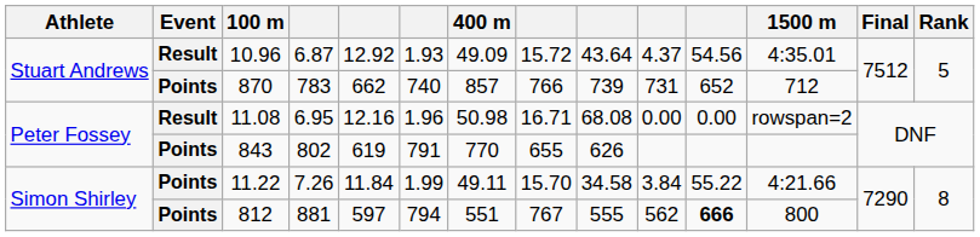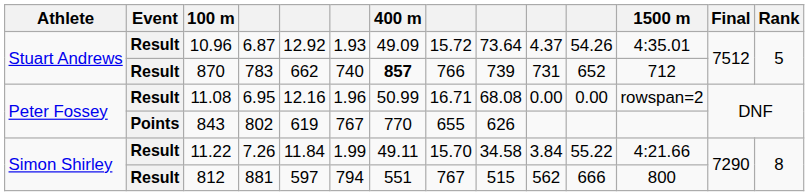 <table class=wikitable style=font-size:90%;text-align:center>
 <tr>
 <th>Athlete</th>
 <th>Event</th>
 <th>100 m</th>
 <th></th>
 <th></th>
 <th></th>
 <th>400 m</th>
 <th></th>
 <th></th>
 <th></th>
 <th></th>
 <th>1500 m</th>
 <th>Final</th>
 <th>Rank</th>
 </tr>
 <tr align=center>
 <td align=left rowspan=2><a href='#'>Stuart Andrews</a></td>
 <th style="font-size:95%">Result</th>
 <td>10.96</td>
 <td>6.87</td>
 <td>12.92</td>
 <td>1.93</td>
 <td>49.09</td>
 <td>15.72</td>
-<td>43.64</td>
+<td>73.64</td>
 <td>4.37</td>
-<td>54.56</td>
+<td>54.26</td>
 <td>4:35.01</td>
 <td rowspan=2>7512</td>
 <td rowspan=2>5</td>
 </tr>
 <tr>
-<th style=font-size:95%>Points</th>
+<th style="font-size:95%">Result</th>
 <td>870</td>
 <td>783</td>
 <td>662</td>
 <td>740</td>
-<td>857</td>
+<td><strong>857</strong></td>
 <td>766</td>
 <td>739</td>
 <td>731</td>
 <td>652</td>
 <td>712</td>
 </tr>
 <tr align=center>
 <td align=left rowspan=2><a href='#'>Peter Fossey</a></td>
 <th style="font-size:95%">Result</th>
 <td>11.08</td>
 <td>6.95</td>
 <td>12.16</td>
 <td>1.96</td>
-<td>50.98</td>
+<td>50.99</td>
 <td>16.71</td>
 <td>68.08</td>
 <td>0.00</td>
 <td>0.00</td>
 <td>rowspan=2 </td>
 <td colspan=2 rowspan=2>DNF</td>
 </tr>
 <tr>
 <th style=font-size:95%>Points</th>
 <td>843</td>
 <td>802</td>
 <td>619</td>
-<td>791</td>
+<td>767</td>
 <td>770</td>
 <td>655</td>
 <td>626</td>
 <td></td>
 <td></td>
 </tr>
 <tr align=center>
 <td align=left rowspan=2><a href='#'>Simon Shirley</a></td>
-<th style=font-size:95%>Points</th>
+<th style="font-size:95%">Result</th>
 <td>11.22</td>
 <td>7.26</td>
 <td>11.84</td>
 <td>1.99</td>
 <td>49.11</td>
 <td>15.70</td>
 <td>34.58</td>
 <td>3.84</td>
 <td>55.22</td>
 <td>4:21.66</td>
 <td rowspan=2>7290</td>
 <td rowspan=2>8</td>
 </tr>
 <tr>
-<th style=font-size:95%>Points</th>
+<th style="font-size:95%">Result</th>
 <td>812</td>
 <td>881</td>
 <td>597</td>
 <td>794</td>
 <td>551</td>
 <td>767</td>
-<td>555</td>
+<td>515</td>
 <td>562</td>
-<td><strong>666</strong></td>
+<td>666</td>
 <td>800</td>
 </tr>
 </table>
